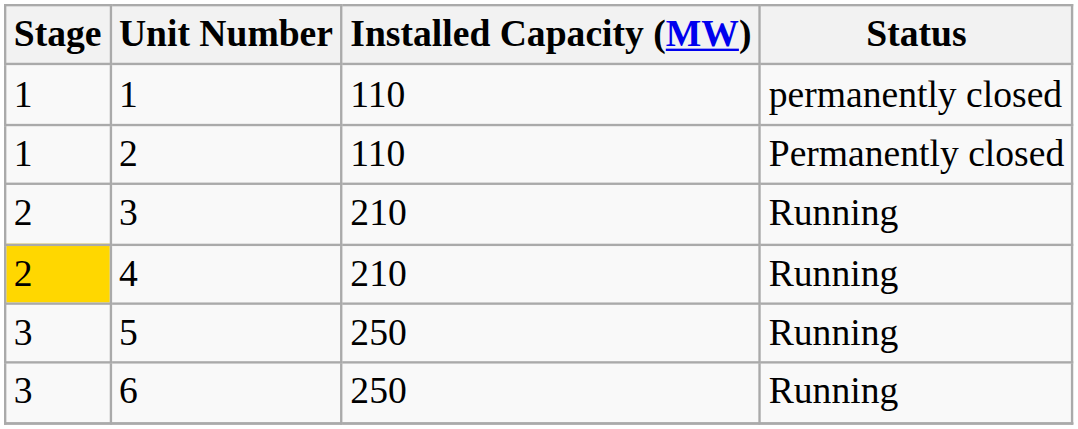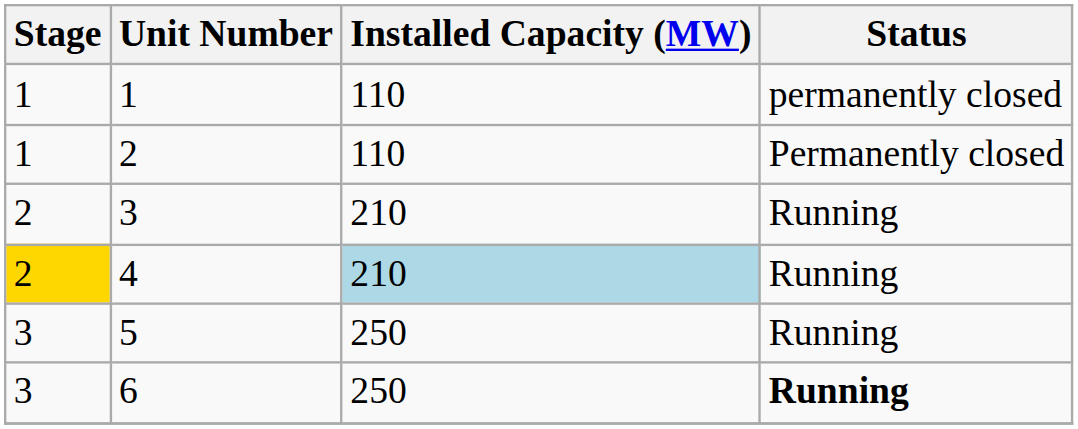 <table class="sortable wikitable">
 <tr>
 <th>Stage</th>
 <th>Unit Number</th>
 <th>Installed Capacity (<a href='#'>MW</a>)</th>
 <th>Status</th>
 </tr>
 <tr>
 <td>1</td>
 <td>1</td>
 <td>110</td>
 <td>permanently closed</td>
 </tr>
 <tr>
 <td>1</td>
 <td>2</td>
 <td>110</td>
 <td>Permanently  closed</td>
 </tr>
 <tr>
 <td>2</td>
 <td>3</td>
 <td>210</td>
 <td>Running</td>
 </tr>
 <tr>
 <td style="background: gold;">2</td>
 <td>4</td>
-<td>210</td>
+<td style="background: lightblue;">210</td>
 <td>Running</td>
 </tr>
 <tr>
 <td>3</td>
 <td>5</td>
 <td>250</td>
 <td>Running</td>
 </tr>
 <tr>
 <td>3</td>
 <td>6</td>
 <td>250</td>
-<td>Running</td>
+<td><strong>Running</strong></td>
 </tr>
 <tr>
 </tr>
 </table>
